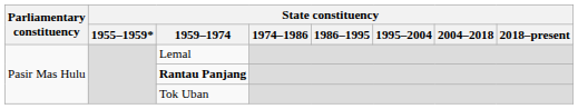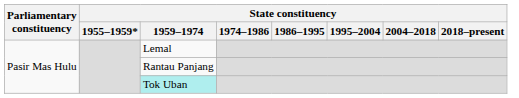 <table class="wikitable">
 <tr>
 <th rowspan="2">Parliamentary<br>constituency</th>
 <th colspan="7">State constituency</th>
 </tr>
 <tr>
 <th>1955–1959*</th>
 <th>1959–1974</th>
 <th>1974–1986</th>
 <th>1986–1995</th>
 <th>1995–2004</th>
 <th>2004–2018</th>
 <th>2018–present</th>
 </tr>
 <tr>
 <td rowspan="3">Pasir Mas Hulu</td>
 <td rowspan="3" bgcolor="dcdcdc"></td>
 <td>Lemal</td>
 <td colspan="5" bgcolor="dcdcdc"></td>
 </tr>
 <tr>
-<td><strong>Rantau Panjang</strong></td>
+<td>Rantau Panjang</td>
 <td colspan="5" bgcolor="dcdcdc"></td>
 </tr>
 <tr>
-<td>Tok Uban</td>
+<td style="background: paleturquoise;">Tok Uban</td>
 <td colspan="5" bgcolor="dcdcdc"></td>
 </tr>
 </table>
